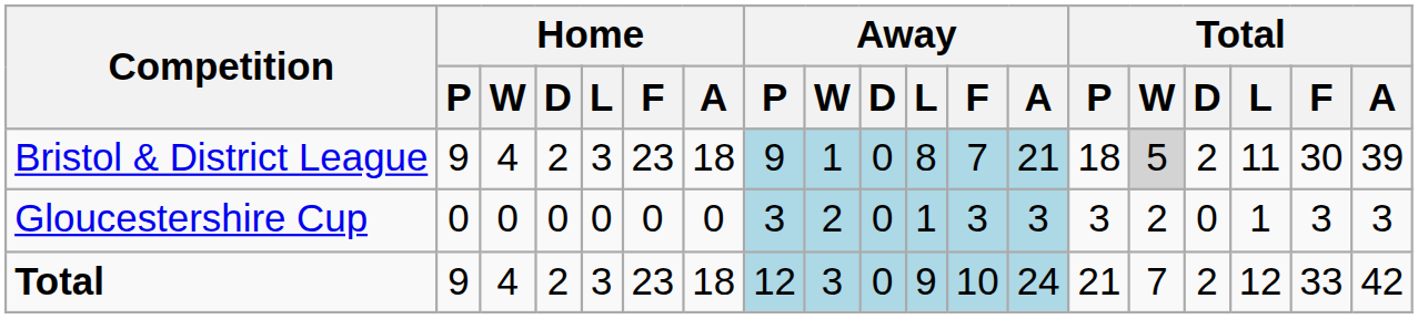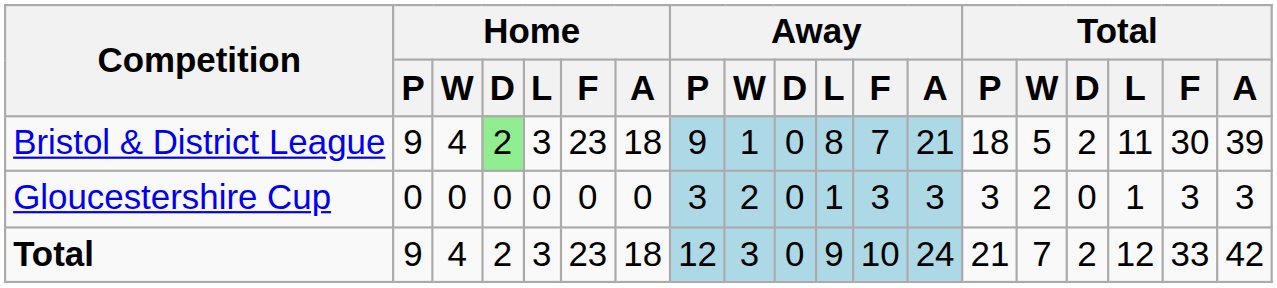 <table class="wikitable" style="text-align:center;">
 <tr>
 <th rowspan="2">Competition</th>
 <th colspan="6">Home</th>
 <th colspan="6">Away</th>
 <th colspan="6">Total</th>
 </tr>
 <tr>
 <th>P</th>
 <th>W</th>
 <th>D</th>
 <th>L</th>
 <th>F</th>
 <th>A</th>
 <th>P</th>
 <th>W</th>
 <th>D</th>
 <th>L</th>
 <th>F</th>
 <th>A</th>
 <th>P</th>
 <th>W</th>
 <th>D</th>
 <th>L</th>
 <th>F</th>
 <th>A</th>
 </tr>
 <tr>
 <td style="text-align:left;"><a href='#'>Bristol & District League</a></td>
 <td>9</td>
 <td>4</td>
-<td>2</td>
+<td style="background: lightgreen;">2</td>
 <td>3</td>
 <td>23</td>
 <td>18</td>
 <td style="background-color:#ADD8E6;">9</td>
 <td style="background-color:#ADD8E6;">1</td>
 <td style="background-color:#ADD8E6;">0</td>
 <td style="background-color:#ADD8E6;">8</td>
 <td style="background-color:#ADD8E6;">7</td>
 <td style="background-color:#ADD8E6;">21</td>
 <td>18</td>
-<td style="background: lightgrey;">5</td>
+<td>5</td>
 <td>2</td>
 <td>11</td>
 <td>30</td>
 <td>39</td>
 </tr>
 <tr>
 <td style="text-align:left;"><a href='#'>Gloucestershire Cup</a></td>
 <td>0</td>
 <td>0</td>
 <td>0</td>
 <td>0</td>
 <td>0</td>
 <td>0</td>
 <td style="background-color:#ADD8E6;">3</td>
 <td style="background-color:#ADD8E6;">2</td>
 <td style="background-color:#ADD8E6;">0</td>
 <td style="background-color:#ADD8E6;">1</td>
 <td style="background-color:#ADD8E6;">3</td>
 <td style="background-color:#ADD8E6;">3</td>
 <td>3</td>
 <td>2</td>
 <td>0</td>
 <td>1</td>
 <td>3</td>
 <td>3</td>
 </tr>
 <tr>
 <td style="text-align:left;"><strong>Total</strong></td>
 <td>9</td>
 <td>4</td>
 <td>2</td>
 <td>3</td>
 <td>23</td>
 <td>18</td>
 <td style="background-color:#ADD8E6;">12</td>
 <td style="background-color:#ADD8E6;">3</td>
 <td style="background-color:#ADD8E6;">0</td>
 <td style="background-color:#ADD8E6;">9</td>
 <td style="background-color:#ADD8E6;">10</td>
 <td style="background-color:#ADD8E6;">24</td>
 <td>21</td>
 <td>7</td>
 <td>2</td>
 <td>12</td>
 <td>33</td>
 <td>42</td>
 </tr>
 </table>
